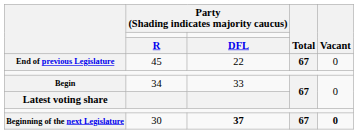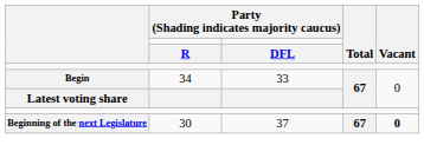 <table class=wikitable style="text-align:center">
 <tr style="vertical-align:bottom;">
 <th rowspan=3></th>
 <th colspan=2>Party <div>(Shading indicates majority caucus)</div></th>
 <th rowspan=3>Total</th>
 <th rowspan=3>Vacant</th>
 </tr>
 <tr style="height:5px">
 <td style="background-color:"></td>
 <td style="background-color:"></td>
 </tr>
 <tr>
 <th><a href='#'>R</a></th>
 <th><a href='#'>DFL</a></th>
-</tr>
-<tr>
-<th style="white-space:nowrap; font-size:80%;">End of <a href='#'>previous Legislature</a></th>
-<td>45</td>
-<td>22</td>
-<th>67</th>
-<td>0</td>
 </tr>
 <tr>
 <td colspan=5></td>
 </tr>
 <tr>
 <th style="font-size:80%">Begin</th>
 <td>34</td>
 <td>33</td>
 <th rowspan=2>67</th>
 <td rowspan=2>0</td>
 </tr>
 <tr>
 <th>Latest voting share</th>
 <th></th>
 <th></th>
 </tr>
 <tr>
 <td colspan=5></td>
 </tr>
 <tr>
 <th style="white-space:nowrap; font-size:80%;">Beginning of the <a href='#'>next Legislature</a></th>
 <td>30</td>
-<td><strong>37</strong></td>
+<td>37</td>
 <th>67</th>
 <td><strong>0</strong></td>
 </tr>
 </table>
